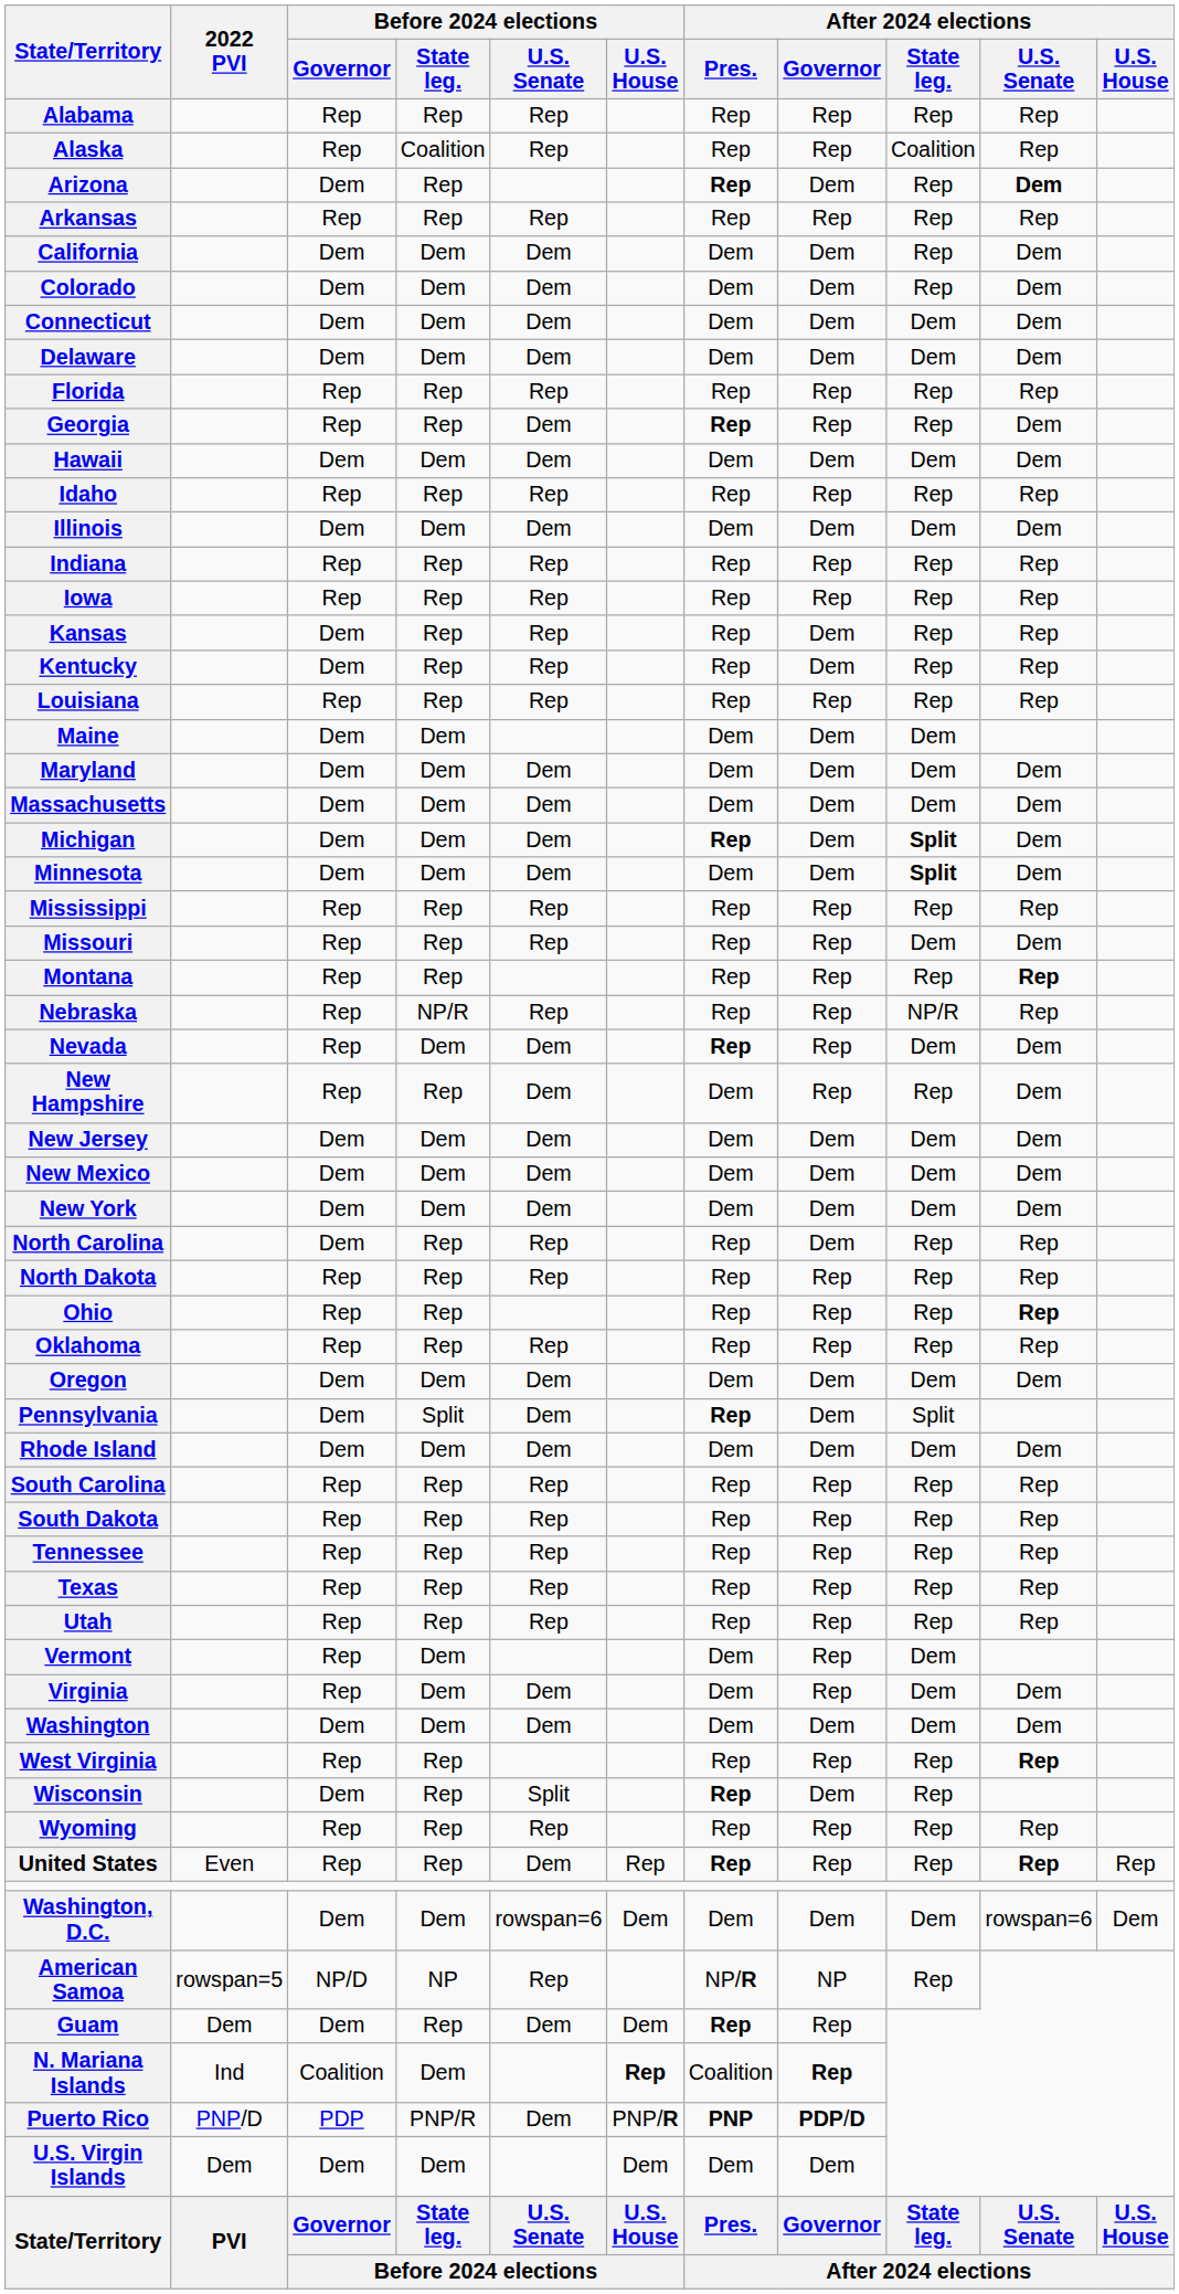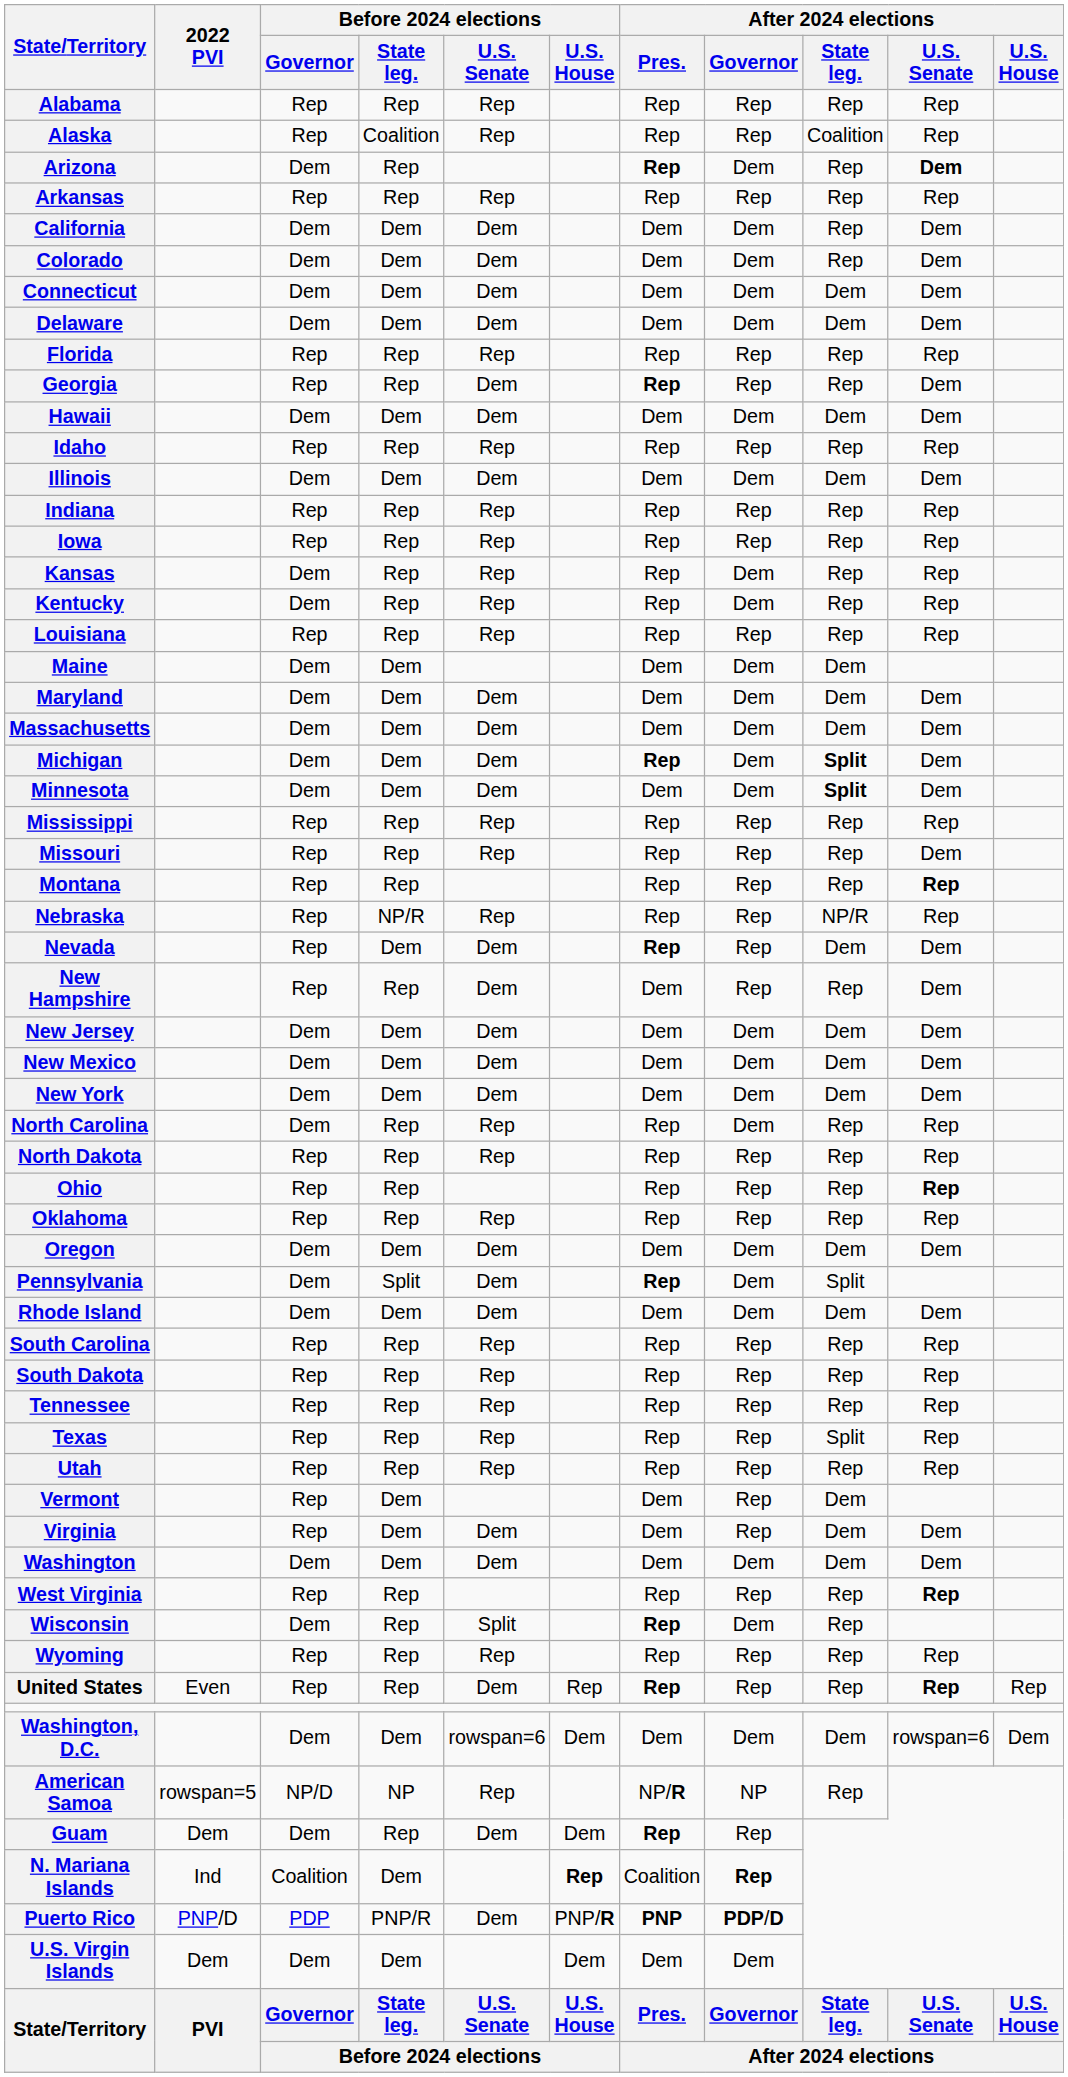 <table class="wikitable sortable plainrowheaders" style="text-align: center;">
 <tr>
 <th rowspan=2><a href='#'>State/<wbr>Territory</a></th>
 <th rowspan=2 data-sort-type="number">2022<br><a href='#'>PVI</a></th>
 <th scope="col" colspan= 4>Before 2024 elections</th>
 <th scope="col" colspan= 5>After 2024 elections</th>
 </tr>
 <tr>
 <th><a href='#'>Governor</a></th>
 <th><a href='#'>State leg.</a></th>
 <th><a href='#'>U.S. Senate</a></th>
 <th><a href='#'>U.S. House</a></th>
 <th><a href='#'>Pres.</a></th>
 <th><a href='#'>Governor</a></th>
 <th><a href='#'>State leg.</a></th>
 <th><a href='#'>U.S. Senate</a></th>
 <th><a href='#'>U.S. House</a></th>
 </tr>
 <tr>
 <th scope="row"><a href='#'>Alabama</a></th>
 <td></td>
 <td>Rep</td>
 <td>Rep</td>
 <td>Rep</td>
 <td></td>
 <td>Rep</td>
 <td>Rep</td>
 <td>Rep</td>
 <td>Rep</td>
 <td></td>
 </tr>
 <tr>
 <th scope="row"><a href='#'>Alaska</a></th>
 <td></td>
 <td>Rep</td>
 <td>Coalition</td>
 <td>Rep</td>
 <td></td>
 <td>Rep</td>
 <td>Rep</td>
 <td>Coalition</td>
 <td>Rep</td>
 <td><strong></strong></td>
 </tr>
 <tr>
 <th scope="row"><a href='#'>Arizona</a></th>
 <td></td>
 <td>Dem</td>
 <td>Rep</td>
 <td></td>
 <td></td>
 <td><strong>Rep</strong></td>
 <td>Dem</td>
 <td>Rep</td>
 <td><strong>Dem</strong></td>
 <td></td>
 </tr>
 <tr>
 <th scope="row"><a href='#'>Arkansas</a></th>
 <td></td>
 <td>Rep</td>
 <td>Rep</td>
 <td>Rep</td>
 <td></td>
 <td>Rep</td>
 <td>Rep</td>
 <td>Rep</td>
 <td>Rep</td>
 <td></td>
 </tr>
 <tr>
 <th scope="row"><a href='#'>California</a></th>
 <td></td>
 <td>Dem</td>
 <td>Dem</td>
 <td>Dem</td>
 <td></td>
 <td>Dem</td>
 <td>Dem</td>
 <td>Rep</td>
 <td>Dem</td>
 <td></td>
 </tr>
 <tr>
 <th scope="row"><a href='#'>Colorado</a></th>
 <td></td>
 <td>Dem</td>
 <td>Dem</td>
 <td>Dem</td>
 <td></td>
 <td>Dem</td>
 <td>Dem</td>
 <td>Rep</td>
 <td>Dem</td>
 <td><strong></strong></td>
 </tr>
 <tr>
 <th scope="row"><a href='#'>Connecticut</a></th>
 <td></td>
 <td>Dem</td>
 <td>Dem</td>
 <td>Dem</td>
 <td></td>
 <td>Dem</td>
 <td>Dem</td>
 <td>Dem</td>
 <td>Dem</td>
 <td></td>
 </tr>
 <tr>
 <th scope="row"><a href='#'>Delaware</a></th>
 <td></td>
 <td>Dem</td>
 <td>Dem</td>
 <td>Dem</td>
 <td></td>
 <td>Dem</td>
 <td>Dem</td>
 <td>Dem</td>
 <td>Dem</td>
 <td></td>
 </tr>
 <tr>
 <th scope="row"><a href='#'>Florida</a></th>
 <td></td>
 <td>Rep</td>
 <td>Rep</td>
 <td>Rep</td>
 <td></td>
 <td>Rep</td>
 <td>Rep</td>
 <td>Rep</td>
 <td>Rep</td>
 <td></td>
 </tr>
 <tr>
 <th scope="row"><a href='#'>Georgia</a></th>
 <td></td>
 <td>Rep</td>
 <td>Rep</td>
 <td>Dem</td>
 <td></td>
 <td><strong>Rep</strong></td>
 <td>Rep</td>
 <td>Rep</td>
 <td>Dem</td>
 <td></td>
 </tr>
 <tr>
 <th scope="row"><a href='#'>Hawaii</a></th>
 <td></td>
 <td>Dem</td>
 <td>Dem</td>
 <td>Dem</td>
 <td></td>
 <td>Dem</td>
 <td>Dem</td>
 <td>Dem</td>
 <td>Dem</td>
 <td></td>
 </tr>
 <tr>
 <th scope="row"><a href='#'>Idaho</a></th>
 <td></td>
 <td>Rep</td>
 <td>Rep</td>
 <td>Rep</td>
 <td></td>
 <td>Rep</td>
 <td>Rep</td>
 <td>Rep</td>
 <td>Rep</td>
 <td></td>
 </tr>
 <tr>
 <th scope="row"><a href='#'>Illinois</a></th>
 <td></td>
 <td>Dem</td>
 <td>Dem</td>
 <td>Dem</td>
 <td></td>
 <td>Dem</td>
 <td>Dem</td>
 <td>Dem</td>
 <td>Dem</td>
 <td></td>
 </tr>
 <tr>
 <th scope="row"><a href='#'>Indiana</a></th>
 <td></td>
 <td>Rep</td>
 <td>Rep</td>
 <td>Rep</td>
 <td></td>
 <td>Rep</td>
 <td>Rep</td>
 <td>Rep</td>
 <td>Rep</td>
 <td></td>
 </tr>
 <tr>
 <th scope="row"><a href='#'>Iowa</a></th>
 <td></td>
 <td>Rep</td>
 <td>Rep</td>
 <td>Rep</td>
 <td></td>
 <td>Rep</td>
 <td>Rep</td>
 <td>Rep</td>
 <td>Rep</td>
 <td></td>
 </tr>
 <tr>
 <th scope="row"><a href='#'>Kansas</a></th>
 <td></td>
 <td>Dem</td>
 <td>Rep</td>
 <td>Rep</td>
 <td></td>
 <td>Rep</td>
 <td>Dem</td>
 <td>Rep</td>
 <td>Rep</td>
 <td></td>
 </tr>
 <tr>
 <th scope="row"><a href='#'>Kentucky</a></th>
 <td></td>
 <td>Dem</td>
 <td>Rep</td>
 <td>Rep</td>
 <td></td>
 <td>Rep</td>
 <td>Dem</td>
 <td>Rep</td>
 <td>Rep</td>
 <td></td>
 </tr>
 <tr>
 <th scope="row"><a href='#'>Louisiana</a></th>
 <td></td>
 <td>Rep</td>
 <td>Rep</td>
 <td>Rep</td>
 <td></td>
 <td>Rep</td>
 <td>Rep</td>
 <td>Rep</td>
 <td>Rep</td>
 <td></td>
 </tr>
 <tr>
 <th scope="row"><a href='#'>Maine</a></th>
 <td></td>
 <td>Dem</td>
 <td>Dem</td>
 <td></td>
 <td></td>
 <td>Dem</td>
 <td>Dem</td>
 <td>Dem</td>
 <td></td>
 <td></td>
 </tr>
 <tr>
 <th scope="row"><a href='#'>Maryland</a></th>
 <td></td>
 <td>Dem</td>
 <td>Dem</td>
 <td>Dem</td>
 <td></td>
 <td>Dem</td>
 <td>Dem</td>
 <td>Dem</td>
 <td>Dem</td>
 <td></td>
 </tr>
 <tr>
 <th scope="row"><a href='#'>Massachusetts</a></th>
 <td></td>
 <td>Dem</td>
 <td>Dem</td>
 <td>Dem</td>
 <td></td>
 <td>Dem</td>
 <td>Dem</td>
 <td>Dem</td>
 <td>Dem</td>
 <td></td>
 </tr>
 <tr>
 <th scope="row"><a href='#'>Michigan</a></th>
 <td></td>
 <td>Dem</td>
 <td>Dem</td>
 <td>Dem</td>
 <td></td>
 <td><strong>Rep</strong></td>
 <td>Dem</td>
 <td><strong>Split</strong></td>
 <td>Dem</td>
 <td><strong></strong></td>
 </tr>
 <tr>
 <th scope="row"><a href='#'>Minnesota</a></th>
 <td></td>
 <td>Dem</td>
 <td>Dem</td>
 <td>Dem</td>
 <td></td>
 <td>Dem</td>
 <td>Dem</td>
 <td><strong>Split</strong></td>
 <td>Dem</td>
 <td></td>
 </tr>
 <tr>
 <th scope="row"><a href='#'>Mississippi</a></th>
 <td></td>
 <td>Rep</td>
 <td>Rep</td>
 <td>Rep</td>
 <td></td>
 <td>Rep</td>
 <td>Rep</td>
 <td>Rep</td>
 <td>Rep</td>
 <td></td>
 </tr>
 <tr>
 <th scope="row"><a href='#'>Missouri</a></th>
 <td></td>
 <td>Rep</td>
 <td>Rep</td>
 <td>Rep</td>
 <td></td>
 <td>Rep</td>
 <td>Rep</td>
-<td>Dem</td>
+<td>Rep</td>
 <td>Dem</td>
 <td></td>
 </tr>
 <tr>
 <th scope="row"><a href='#'>Montana</a></th>
 <td></td>
 <td>Rep</td>
 <td>Rep</td>
 <td></td>
 <td></td>
 <td>Rep</td>
 <td>Rep</td>
 <td>Rep</td>
 <td><strong>Rep</strong></td>
 <td></td>
 </tr>
 <tr>
 <th scope="row"><a href='#'>Nebraska</a></th>
 <td></td>
 <td>Rep</td>
 <td>NP/R</td>
 <td>Rep</td>
 <td></td>
 <td>Rep</td>
 <td>Rep</td>
 <td>NP/R</td>
 <td>Rep</td>
 <td></td>
 </tr>
 <tr>
 <th scope="row"><a href='#'>Nevada</a></th>
 <td></td>
 <td>Rep</td>
 <td>Dem</td>
 <td>Dem</td>
 <td></td>
 <td><strong>Rep</strong></td>
 <td>Rep</td>
 <td>Dem</td>
 <td>Dem</td>
 <td></td>
 </tr>
 <tr>
 <th scope="row"><a href='#'>New Hampshire</a></th>
 <td></td>
 <td>Rep</td>
 <td>Rep</td>
 <td>Dem</td>
 <td></td>
 <td>Dem</td>
 <td>Rep</td>
 <td>Rep</td>
 <td>Dem</td>
 <td></td>
 </tr>
 <tr>
 <th scope="row"><a href='#'>New Jersey</a></th>
 <td></td>
 <td>Dem</td>
 <td>Dem</td>
 <td>Dem</td>
 <td></td>
 <td>Dem</td>
 <td>Dem</td>
 <td>Dem</td>
 <td>Dem</td>
 <td></td>
 </tr>
 <tr>
 <th scope="row"><a href='#'>New Mexico</a></th>
 <td></td>
 <td>Dem</td>
 <td>Dem</td>
 <td>Dem</td>
 <td></td>
 <td>Dem</td>
 <td>Dem</td>
 <td>Dem</td>
 <td>Dem</td>
 <td></td>
 </tr>
 <tr>
 <th scope="row"><a href='#'>New York</a></th>
 <td></td>
 <td>Dem</td>
 <td>Dem</td>
 <td>Dem</td>
 <td></td>
 <td>Dem</td>
 <td>Dem</td>
 <td>Dem</td>
 <td>Dem</td>
 <td></td>
 </tr>
 <tr>
 <th scope="row"><a href='#'>North Carolina</a></th>
 <td></td>
 <td>Dem</td>
 <td>Rep</td>
 <td>Rep</td>
 <td></td>
 <td>Rep</td>
 <td>Dem</td>
 <td>Rep</td>
 <td>Rep</td>
 <td><strong></strong></td>
 </tr>
 <tr>
 <th scope="row"><a href='#'>North Dakota</a></th>
 <td></td>
 <td>Rep</td>
 <td>Rep</td>
 <td>Rep</td>
 <td></td>
 <td>Rep</td>
 <td>Rep</td>
 <td>Rep</td>
 <td>Rep</td>
 <td></td>
 </tr>
 <tr>
 <th scope="row"><a href='#'>Ohio</a></th>
 <td></td>
 <td>Rep</td>
 <td>Rep</td>
 <td></td>
 <td></td>
 <td>Rep</td>
 <td>Rep</td>
 <td>Rep</td>
 <td><strong>Rep</strong></td>
 <td></td>
 </tr>
 <tr>
 <th scope="row"><a href='#'>Oklahoma</a></th>
 <td></td>
 <td>Rep</td>
 <td>Rep</td>
 <td>Rep</td>
 <td></td>
 <td>Rep</td>
 <td>Rep</td>
 <td>Rep</td>
 <td>Rep</td>
 <td></td>
 </tr>
 <tr>
 <th scope="row"><a href='#'>Oregon</a></th>
 <td></td>
 <td>Dem</td>
 <td>Dem</td>
 <td>Dem</td>
 <td></td>
 <td>Dem</td>
 <td>Dem</td>
 <td>Dem</td>
 <td>Dem</td>
 <td></td>
 </tr>
 <tr>
 <th scope="row"><a href='#'>Pennsylvania</a></th>
 <td></td>
 <td>Dem</td>
 <td>Split</td>
 <td>Dem</td>
 <td></td>
 <td><strong>Rep</strong></td>
 <td>Dem</td>
 <td>Split</td>
 <td><strong></strong></td>
 <td><strong></strong></td>
 </tr>
 <tr>
 <th scope="row"><a href='#'>Rhode Island</a></th>
 <td></td>
 <td>Dem</td>
 <td>Dem</td>
 <td>Dem</td>
 <td></td>
 <td>Dem</td>
 <td>Dem</td>
 <td>Dem</td>
 <td>Dem</td>
 <td></td>
 </tr>
 <tr>
 <th scope="row"><a href='#'>South Carolina</a></th>
 <td></td>
 <td>Rep</td>
 <td>Rep</td>
 <td>Rep</td>
 <td></td>
 <td>Rep</td>
 <td>Rep</td>
 <td>Rep</td>
 <td>Rep</td>
 <td></td>
 </tr>
 <tr>
 <th scope="row"><a href='#'>South Dakota</a></th>
 <td></td>
 <td>Rep</td>
 <td>Rep</td>
 <td>Rep</td>
 <td></td>
 <td>Rep</td>
 <td>Rep</td>
 <td>Rep</td>
 <td>Rep</td>
 <td></td>
 </tr>
 <tr>
 <th scope="row"><a href='#'>Tennessee</a></th>
 <td></td>
 <td>Rep</td>
 <td>Rep</td>
 <td>Rep</td>
 <td></td>
 <td>Rep</td>
 <td>Rep</td>
 <td>Rep</td>
 <td>Rep</td>
 <td></td>
 </tr>
 <tr>
 <th scope="row"><a href='#'>Texas</a></th>
 <td></td>
 <td>Rep</td>
 <td>Rep</td>
 <td>Rep</td>
 <td></td>
 <td>Rep</td>
 <td>Rep</td>
-<td>Rep</td>
+<td>Split</td>
 <td>Rep</td>
 <td></td>
 </tr>
 <tr>
 <th scope="row"><a href='#'>Utah</a></th>
 <td></td>
 <td>Rep</td>
 <td>Rep</td>
 <td>Rep</td>
 <td></td>
 <td>Rep</td>
 <td>Rep</td>
 <td>Rep</td>
 <td>Rep</td>
 <td></td>
 </tr>
 <tr>
 <th scope="row"><a href='#'>Vermont</a></th>
 <td></td>
 <td>Rep</td>
 <td>Dem</td>
 <td></td>
 <td></td>
 <td>Dem</td>
 <td>Rep</td>
 <td>Dem</td>
 <td></td>
 <td></td>
 </tr>
 <tr>
 <th scope="row"><a href='#'>Virginia</a></th>
 <td></td>
 <td>Rep</td>
 <td>Dem</td>
 <td>Dem</td>
 <td></td>
 <td>Dem</td>
 <td>Rep</td>
 <td>Dem</td>
 <td>Dem</td>
 <td></td>
 </tr>
 <tr>
 <th scope="row"><a href='#'>Washington</a></th>
 <td></td>
 <td>Dem</td>
 <td>Dem</td>
 <td>Dem</td>
 <td></td>
 <td>Dem</td>
 <td>Dem</td>
 <td>Dem</td>
 <td>Dem</td>
 <td></td>
 </tr>
 <tr>
 <th scope="row"><a href='#'>West Virginia</a></th>
 <td></td>
 <td>Rep</td>
 <td>Rep</td>
 <td></td>
 <td></td>
 <td>Rep</td>
 <td>Rep</td>
 <td>Rep</td>
 <td><strong>Rep</strong></td>
 <td></td>
 </tr>
 <tr>
 <th scope="row"><a href='#'>Wisconsin</a></th>
 <td></td>
 <td>Dem</td>
 <td>Rep</td>
 <td>Split</td>
 <td></td>
 <td><strong>Rep</strong></td>
 <td>Dem</td>
 <td>Rep</td>
 <td></td>
 <td></td>
 </tr>
 <tr>
 <th scope="row"><a href='#'>Wyoming</a></th>
 <td></td>
 <td>Rep</td>
 <td>Rep</td>
 <td>Rep</td>
 <td></td>
 <td>Rep</td>
 <td>Rep</td>
 <td>Rep</td>
 <td>Rep</td>
 <td></td>
 </tr>
 <tr class="sortbottom" |>
 <th scope="row">United States</th>
 <td>Even</td>
 <td>Rep</td>
 <td>Rep</td>
 <td>Dem</td>
 <td>Rep</td>
 <td><strong>Rep</strong></td>
 <td>Rep</td>
 <td>Rep</td>
 <td><strong>Rep</strong></td>
 <td>Rep</td>
 </tr>
 <tr class="sortbottom">
 <td colspan=11></td>
 </tr>
 <tr class="sortbottom" |>
 <th scope="row"><a href='#'>Washington, D.C.</a></th>
 <td></td>
 <td>Dem</td>
 <td>Dem</td>
 <td>rowspan=6 </td>
 <td>Dem</td>
 <td>Dem</td>
 <td>Dem</td>
 <td>Dem</td>
 <td>rowspan=6 </td>
 <td>Dem</td>
 </tr>
 <tr class="sortbottom" |>
 <th scope="row"><a href='#'>American Samoa</a></th>
 <td>rowspan=5 </td>
 <td>NP/D</td>
 <td>NP</td>
 <td>Rep</td>
 <td></td>
 <td>NP/<strong>R</strong></td>
 <td>NP</td>
 <td>Rep</td>
 </tr>
 <tr class="sortbottom" |>
 <th scope="row"><a href='#'>Guam</a></th>
 <td>Dem</td>
 <td>Dem</td>
 <td>Rep</td>
 <td>Dem</td>
 <td>Dem</td>
 <td><strong>Rep</strong></td>
 <td>Rep</td>
 </tr>
 <tr class="sortbottom" |>
 <th scope="row"><a href='#'>N. Mariana Islands</a></th>
 <td>Ind</td>
 <td>Coalition</td>
 <td>Dem</td>
 <td></td>
 <td><strong>Rep</strong></td>
 <td>Coalition</td>
 <td><strong>Rep</strong></td>
 </tr>
 <tr class="sortbottom" |>
 <th scope="row"><a href='#'>Puerto Rico</a></th>
 <td><a href='#'>PNP</a>/D</td>
 <td><a href='#'>PDP</a></td>
 <td>PNP/R</td>
 <td>Dem</td>
 <td>PNP/<strong>R</strong></td>
 <td><strong>PNP</strong></td>
 <td><strong>PDP</strong>/<strong>D</strong></td>
 </tr>
 <tr class="sortbottom" |>
 <th scope="row"><a href='#'>U.S. Virgin Islands</a></th>
 <td>Dem</td>
 <td>Dem</td>
 <td>Dem</td>
 <td></td>
 <td>Dem</td>
 <td>Dem</td>
 <td>Dem</td>
 </tr>
 <tr>
 <th rowspan=2>State/<wbr>Territory</th>
 <th rowspan=2 data-sort-type="number">PVI</th>
 <th><a href='#'>Governor</a></th>
 <th><a href='#'>State leg.</a></th>
 <th><a href='#'>U.S. Senate</a></th>
 <th><a href='#'>U.S. House</a></th>
 <th><a href='#'>Pres.</a></th>
 <th><a href='#'>Governor</a></th>
 <th><a href='#'>State leg.</a></th>
 <th><a href='#'>U.S. Senate</a></th>
 <th><a href='#'>U.S. House</a></th>
 </tr>
 <tr>
 <th colspan= 4>Before 2024 elections</th>
 <th colspan= 5>After 2024 elections</th>
 </tr>
 </table>
